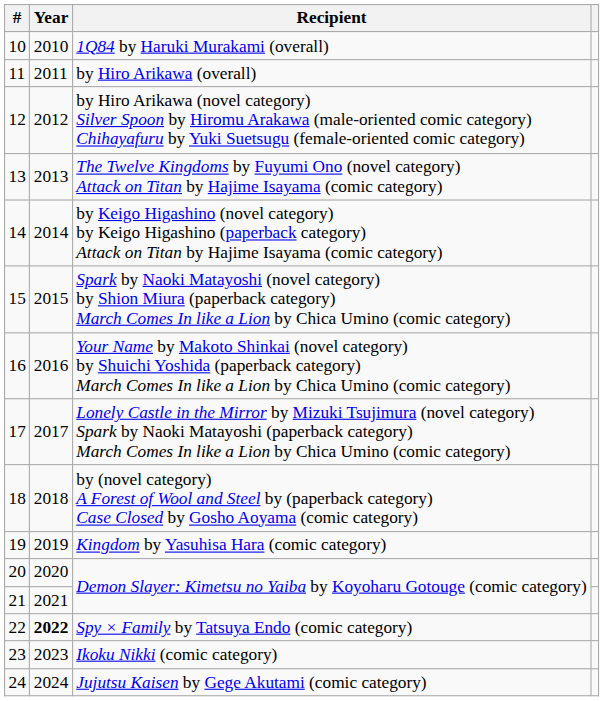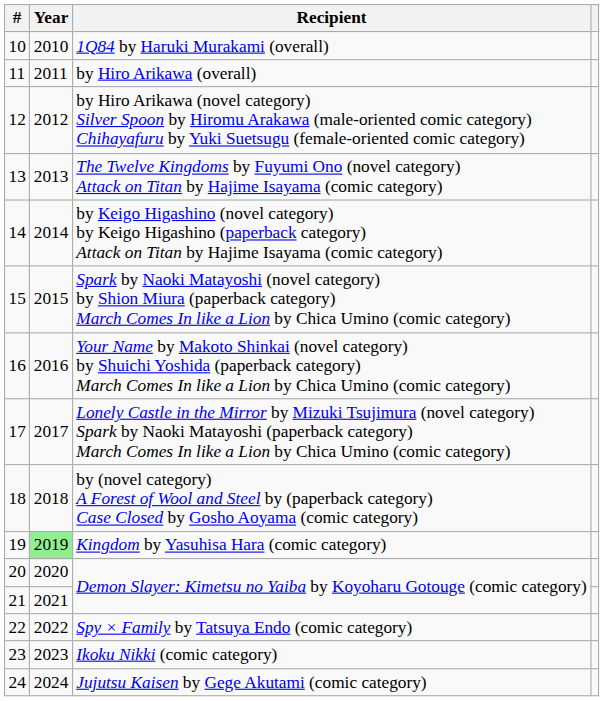 <table class="wikitable plainrowheaders sortable">
 <tr>
 <th scope="col">#</th>
 <th scope="col">Year</th>
 <th scope="col">Recipient</th>
 <th scope="col" class="unsortable"></th>
 </tr>
 <tr>
 <td>10</td>
 <td>2010</td>
 <td><em><a href='#'>1Q84</a></em> by <a href='#'>Haruki Murakami</a> (overall)</td>
 <td style="text-align:center;"></td>
 </tr>
 <tr>
 <td>11</td>
 <td>2011</td>
 <td><em></em> by <a href='#'>Hiro Arikawa</a> (overall)</td>
 <td style="text-align:center;"></td>
 </tr>
 <tr>
 <td>12</td>
 <td>2012</td>
 <td><em></em> by Hiro Arikawa (novel category)<br><em><a href='#'>Silver Spoon</a></em> by <a href='#'>Hiromu Arakawa</a> (male-oriented comic category)<br><em><a href='#'>Chihayafuru</a></em> by <a href='#'>Yuki Suetsugu</a> (female-oriented comic category)</td>
 <td style="text-align:center;"></td>
 </tr>
 <tr>
 <td>13</td>
 <td>2013</td>
 <td><em><a href='#'>The Twelve Kingdoms</a></em> by <a href='#'>Fuyumi Ono</a> (novel category)<br><em><a href='#'>Attack on Titan</a></em> by <a href='#'>Hajime Isayama</a> (comic category)</td>
 <td style="text-align:center;"></td>
 </tr>
 <tr>
 <td>14</td>
 <td>2014</td>
 <td><em></em> by <a href='#'>Keigo Higashino</a> (novel category)<br><em></em> by Keigo Higashino (<a href='#'>paperback</a> category)<br><em>Attack on Titan</em> by Hajime Isayama (comic category)</td>
 <td style="text-align:center;"></td>
 </tr>
 <tr>
 <td>15</td>
 <td>2015</td>
 <td><em><a href='#'>Spark</a></em> by <a href='#'>Naoki Matayoshi</a> (novel category)<br><em></em> by <a href='#'>Shion Miura</a> (paperback category)<br><em><a href='#'>March Comes In like a Lion</a></em> by Chica Umino (comic category)</td>
 <td style="text-align:center;"></td>
 </tr>
 <tr>
 <td>16</td>
 <td>2016</td>
 <td><em><a href='#'>Your Name</a></em> by <a href='#'>Makoto Shinkai</a> (novel category)<br><em></em> by <a href='#'>Shuichi Yoshida</a> (paperback category)<br><em>March Comes In like a Lion</em> by Chica Umino (comic category)</td>
 <td style="text-align:center;"></td>
 </tr>
 <tr>
 <td>17</td>
 <td>2017</td>
 <td><em><a href='#'>Lonely Castle in the Mirror</a></em> by <a href='#'>Mizuki Tsujimura</a> (novel category)<br><em>Spark</em> by Naoki Matayoshi (paperback category)<br><em>March Comes In like a Lion</em> by Chica Umino (comic category)</td>
 <td style="text-align:center;"></td>
 </tr>
 <tr>
 <td>18</td>
 <td>2018</td>
 <td><em></em> by  (novel category)<br><em><a href='#'>A Forest of Wool and Steel</a></em> by  (paperback category)<br><em><a href='#'>Case Closed</a></em> by <a href='#'>Gosho Aoyama</a> (comic category)</td>
 <td style="text-align:center;"></td>
 </tr>
 <tr>
 <td>19</td>
-<td>2019</td>
+<td style="background: lightgreen;">2019</td>
 <td><em><a href='#'>Kingdom</a></em> by <a href='#'>Yasuhisa Hara</a> (comic category)</td>
 <td style="text-align:center;"></td>
 </tr>
 <tr>
 <td>20</td>
 <td>2020</td>
 <td rowspan="2"><em><a href='#'>Demon Slayer: Kimetsu no Yaiba</a></em> by <a href='#'>Koyoharu Gotouge</a> (comic category)</td>
 <td style="text-align:center;"></td>
 </tr>
 <tr>
 <td>21</td>
 <td>2021</td>
 <td style="text-align:center;"></td>
 </tr>
 <tr>
 <td>22</td>
-<td><strong>2022</strong></td>
+<td>2022</td>
 <td><em><a href='#'>Spy × Family</a></em> by <a href='#'>Tatsuya Endo</a> (comic category)</td>
 <td style="text-align:center;"></td>
 </tr>
 <tr>
 <td>23</td>
 <td>2023</td>
 <td><em><a href='#'>Ikoku Nikki</a></em> (comic category)</td>
 <td style="text-align:center;"></td>
 </tr>
 <tr>
 <td>24</td>
 <td>2024</td>
 <td><em><a href='#'>Jujutsu Kaisen</a></em> by <a href='#'>Gege Akutami</a> (comic category)</td>
 <td style="text-align:center;"></td>
 </tr>
 </table>
